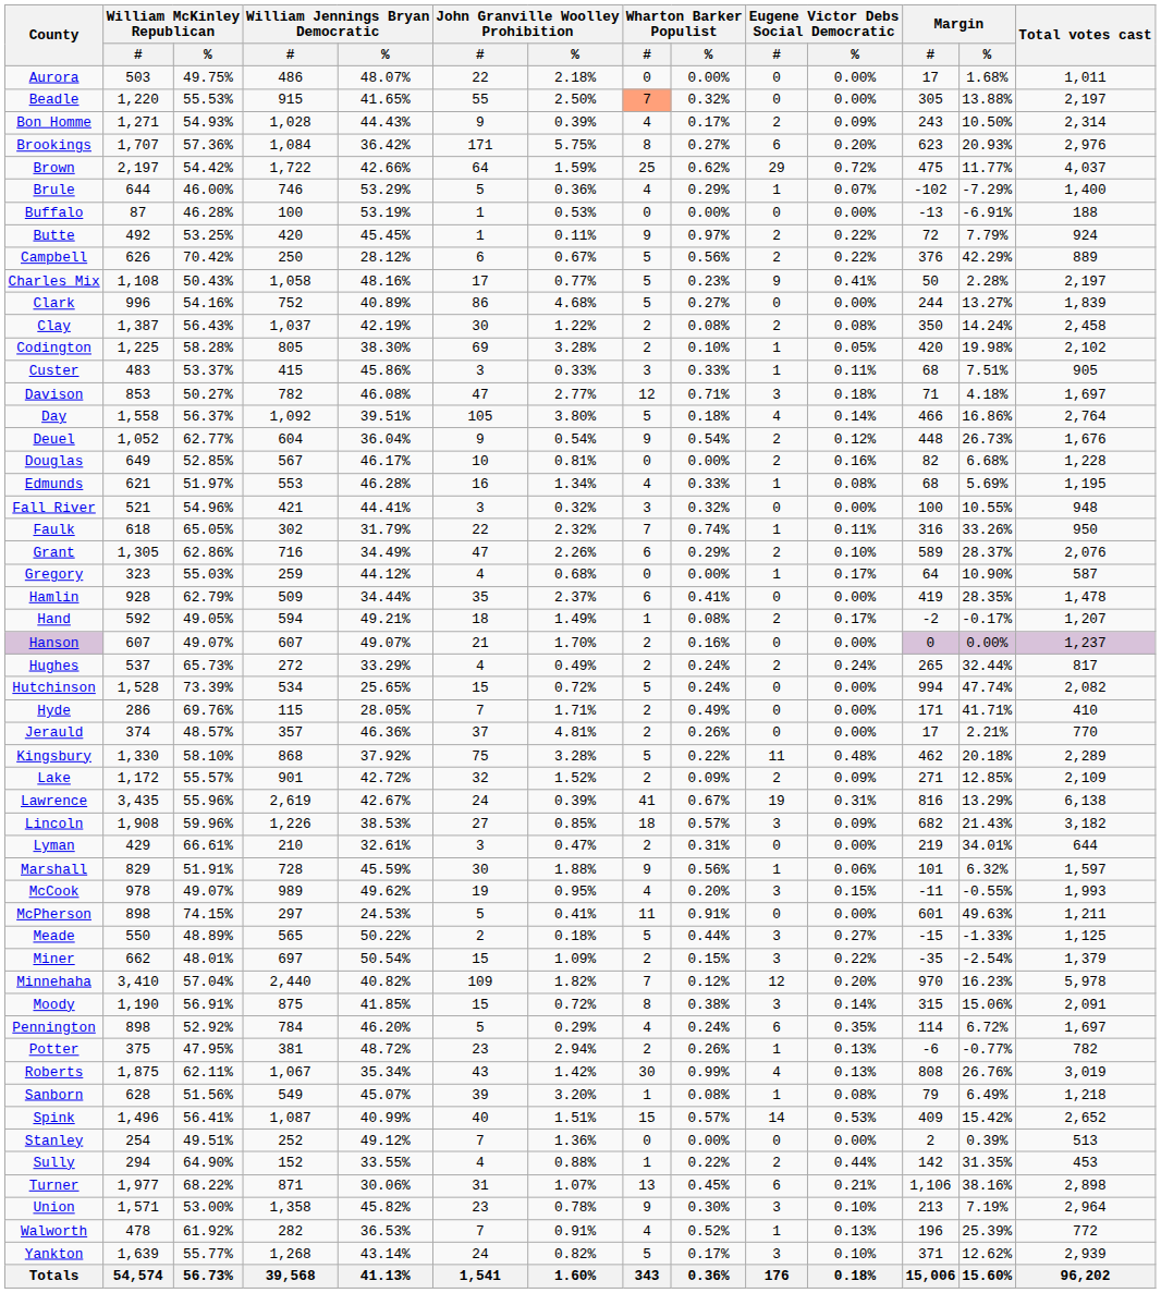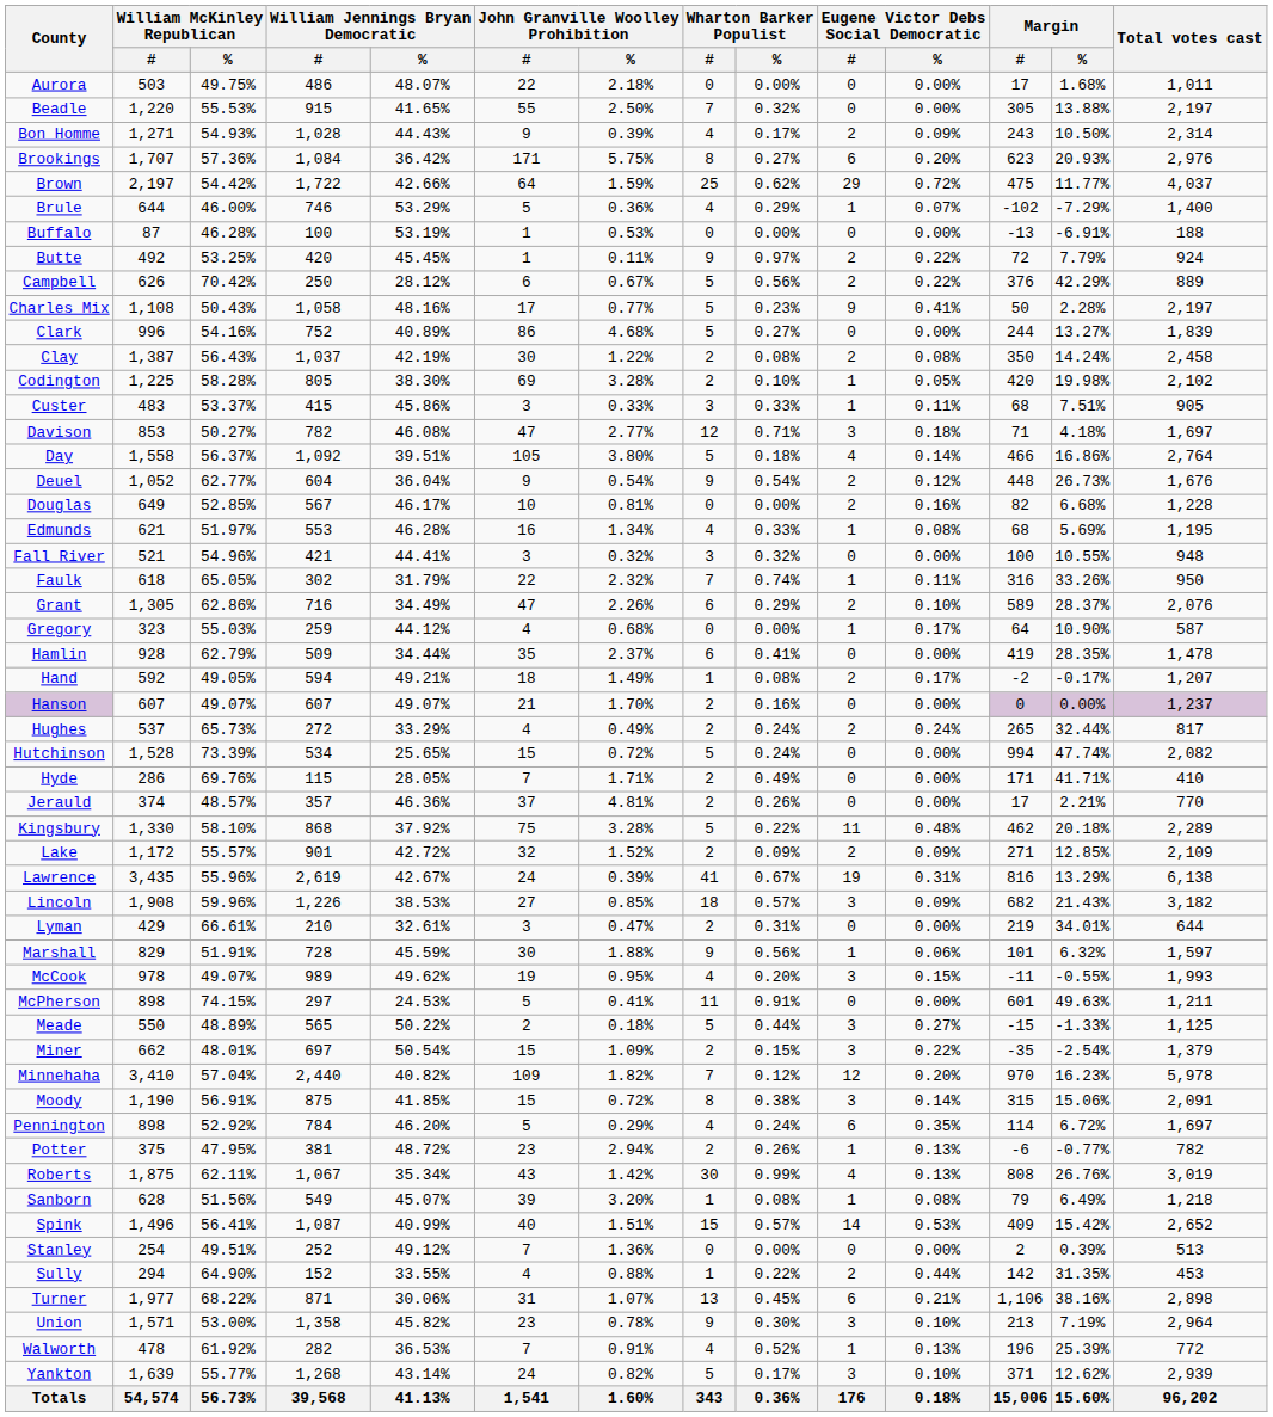 <table class="wikitable sortable">
 <tr>
 <th rowspan="2">County</th>
 <th colspan="2">William McKinley<br>Republican</th>
 <th colspan="2">William Jennings Bryan<br>Democratic</th>
 <th colspan="2">John Granville Woolley<br>Prohibition</th>
 <th colspan="2">Wharton Barker<br>Populist</th>
 <th colspan="2">Eugene Victor Debs<br>Social Democratic</th>
 <th colspan="2">Margin</th>
 <th rowspan="2">Total votes cast</th>
 </tr>
 <tr bgcolor="lightgrey">
 <th data-sort-type="number">#</th>
 <th data-sort-type="number">%</th>
 <th data-sort-type="number">#</th>
 <th data-sort-type="number">%</th>
 <th data-sort-type="number">#</th>
 <th data-sort-type="number">%</th>
 <th data-sort-type="number">#</th>
 <th data-sort-type="number">%</th>
 <th data-sort-type="number">#</th>
 <th data-sort-type="number">%</th>
 <th data-sort-type="number">#</th>
 <th data-sort-type="number">%</th>
 </tr>
 <tr style="text-align:center;">
 <td><a href='#'>Aurora</a></td>
 <td>503</td>
 <td>49.75%</td>
 <td>486</td>
 <td>48.07%</td>
 <td>22</td>
 <td>2.18%</td>
 <td>0</td>
 <td>0.00%</td>
 <td>0</td>
 <td>0.00%</td>
 <td>17</td>
 <td>1.68%</td>
 <td>1,011</td>
 </tr>
 <tr style="text-align:center;">
 <td><a href='#'>Beadle</a></td>
 <td>1,220</td>
 <td>55.53%</td>
 <td>915</td>
 <td>41.65%</td>
 <td>55</td>
 <td>2.50%</td>
-<td style="background: lightsalmon;">7</td>
+<td>7</td>
 <td>0.32%</td>
 <td>0</td>
 <td>0.00%</td>
 <td>305</td>
 <td>13.88%</td>
 <td>2,197</td>
 </tr>
 <tr style="text-align:center;">
 <td><a href='#'>Bon Homme</a></td>
 <td>1,271</td>
 <td>54.93%</td>
 <td>1,028</td>
 <td>44.43%</td>
 <td>9</td>
 <td>0.39%</td>
 <td>4</td>
 <td>0.17%</td>
 <td>2</td>
 <td>0.09%</td>
 <td>243</td>
 <td>10.50%</td>
 <td>2,314</td>
 </tr>
 <tr style="text-align:center;">
 <td><a href='#'>Brookings</a></td>
 <td>1,707</td>
 <td>57.36%</td>
 <td>1,084</td>
 <td>36.42%</td>
 <td>171</td>
 <td>5.75%</td>
 <td>8</td>
 <td>0.27%</td>
 <td>6</td>
 <td>0.20%</td>
 <td>623</td>
 <td>20.93%</td>
 <td>2,976</td>
 </tr>
 <tr style="text-align:center;">
 <td><a href='#'>Brown</a></td>
 <td>2,197</td>
 <td>54.42%</td>
 <td>1,722</td>
 <td>42.66%</td>
 <td>64</td>
 <td>1.59%</td>
 <td>25</td>
 <td>0.62%</td>
 <td>29</td>
 <td>0.72%</td>
 <td>475</td>
 <td>11.77%</td>
 <td>4,037</td>
 </tr>
 <tr style="text-align:center;">
 <td><a href='#'>Brule</a></td>
 <td>644</td>
 <td>46.00%</td>
 <td>746</td>
 <td>53.29%</td>
 <td>5</td>
 <td>0.36%</td>
 <td>4</td>
 <td>0.29%</td>
 <td>1</td>
 <td>0.07%</td>
 <td>-102</td>
 <td>-7.29%</td>
 <td>1,400</td>
 </tr>
 <tr style="text-align:center;">
 <td><a href='#'>Buffalo</a></td>
 <td>87</td>
 <td>46.28%</td>
 <td>100</td>
 <td>53.19%</td>
 <td>1</td>
 <td>0.53%</td>
 <td>0</td>
 <td>0.00%</td>
 <td>0</td>
 <td>0.00%</td>
 <td>-13</td>
 <td>-6.91%</td>
 <td>188</td>
 </tr>
 <tr style="text-align:center;">
 <td><a href='#'>Butte</a></td>
 <td>492</td>
 <td>53.25%</td>
 <td>420</td>
 <td>45.45%</td>
 <td>1</td>
 <td>0.11%</td>
 <td>9</td>
 <td>0.97%</td>
 <td>2</td>
 <td>0.22%</td>
 <td>72</td>
 <td>7.79%</td>
 <td>924</td>
 </tr>
 <tr style="text-align:center;">
 <td><a href='#'>Campbell</a></td>
 <td>626</td>
 <td>70.42%</td>
 <td>250</td>
 <td>28.12%</td>
 <td>6</td>
 <td>0.67%</td>
 <td>5</td>
 <td>0.56%</td>
 <td>2</td>
 <td>0.22%</td>
 <td>376</td>
 <td>42.29%</td>
 <td>889</td>
 </tr>
 <tr style="text-align:center;">
 <td><a href='#'>Charles Mix</a></td>
 <td>1,108</td>
 <td>50.43%</td>
 <td>1,058</td>
 <td>48.16%</td>
 <td>17</td>
 <td>0.77%</td>
 <td>5</td>
 <td>0.23%</td>
 <td>9</td>
 <td>0.41%</td>
 <td>50</td>
 <td>2.28%</td>
 <td>2,197</td>
 </tr>
 <tr style="text-align:center;">
 <td><a href='#'>Clark</a></td>
 <td>996</td>
 <td>54.16%</td>
 <td>752</td>
 <td>40.89%</td>
 <td>86</td>
 <td>4.68%</td>
 <td>5</td>
 <td>0.27%</td>
 <td>0</td>
 <td>0.00%</td>
 <td>244</td>
 <td>13.27%</td>
 <td>1,839</td>
 </tr>
 <tr style="text-align:center;">
 <td><a href='#'>Clay</a></td>
 <td>1,387</td>
 <td>56.43%</td>
 <td>1,037</td>
 <td>42.19%</td>
 <td>30</td>
 <td>1.22%</td>
 <td>2</td>
 <td>0.08%</td>
 <td>2</td>
 <td>0.08%</td>
 <td>350</td>
 <td>14.24%</td>
 <td>2,458</td>
 </tr>
 <tr style="text-align:center;">
 <td><a href='#'>Codington</a></td>
 <td>1,225</td>
 <td>58.28%</td>
 <td>805</td>
 <td>38.30%</td>
 <td>69</td>
 <td>3.28%</td>
 <td>2</td>
 <td>0.10%</td>
 <td>1</td>
 <td>0.05%</td>
 <td>420</td>
 <td>19.98%</td>
 <td>2,102</td>
 </tr>
 <tr style="text-align:center;">
 <td><a href='#'>Custer</a></td>
 <td>483</td>
 <td>53.37%</td>
 <td>415</td>
 <td>45.86%</td>
 <td>3</td>
 <td>0.33%</td>
 <td>3</td>
 <td>0.33%</td>
 <td>1</td>
 <td>0.11%</td>
 <td>68</td>
 <td>7.51%</td>
 <td>905</td>
 </tr>
 <tr style="text-align:center;">
 <td><a href='#'>Davison</a></td>
 <td>853</td>
 <td>50.27%</td>
 <td>782</td>
 <td>46.08%</td>
 <td>47</td>
 <td>2.77%</td>
 <td>12</td>
 <td>0.71%</td>
 <td>3</td>
 <td>0.18%</td>
 <td>71</td>
 <td>4.18%</td>
 <td>1,697</td>
 </tr>
 <tr style="text-align:center;">
 <td><a href='#'>Day</a></td>
 <td>1,558</td>
 <td>56.37%</td>
 <td>1,092</td>
 <td>39.51%</td>
 <td>105</td>
 <td>3.80%</td>
 <td>5</td>
 <td>0.18%</td>
 <td>4</td>
 <td>0.14%</td>
 <td>466</td>
 <td>16.86%</td>
 <td>2,764</td>
 </tr>
 <tr style="text-align:center;">
 <td><a href='#'>Deuel</a></td>
 <td>1,052</td>
 <td>62.77%</td>
 <td>604</td>
 <td>36.04%</td>
 <td>9</td>
 <td>0.54%</td>
 <td>9</td>
 <td>0.54%</td>
 <td>2</td>
 <td>0.12%</td>
 <td>448</td>
 <td>26.73%</td>
 <td>1,676</td>
 </tr>
 <tr style="text-align:center;">
 <td><a href='#'>Douglas</a></td>
 <td>649</td>
 <td>52.85%</td>
 <td>567</td>
 <td>46.17%</td>
 <td>10</td>
 <td>0.81%</td>
 <td>0</td>
 <td>0.00%</td>
 <td>2</td>
 <td>0.16%</td>
 <td>82</td>
 <td>6.68%</td>
 <td>1,228</td>
 </tr>
 <tr style="text-align:center;">
 <td><a href='#'>Edmunds</a></td>
 <td>621</td>
 <td>51.97%</td>
 <td>553</td>
 <td>46.28%</td>
 <td>16</td>
 <td>1.34%</td>
 <td>4</td>
 <td>0.33%</td>
 <td>1</td>
 <td>0.08%</td>
 <td>68</td>
 <td>5.69%</td>
 <td>1,195</td>
 </tr>
 <tr style="text-align:center;">
 <td><a href='#'>Fall River</a></td>
 <td>521</td>
 <td>54.96%</td>
 <td>421</td>
 <td>44.41%</td>
 <td>3</td>
 <td>0.32%</td>
 <td>3</td>
 <td>0.32%</td>
 <td>0</td>
 <td>0.00%</td>
 <td>100</td>
 <td>10.55%</td>
 <td>948</td>
 </tr>
 <tr style="text-align:center;">
 <td><a href='#'>Faulk</a></td>
 <td>618</td>
 <td>65.05%</td>
 <td>302</td>
 <td>31.79%</td>
 <td>22</td>
 <td>2.32%</td>
 <td>7</td>
 <td>0.74%</td>
 <td>1</td>
 <td>0.11%</td>
 <td>316</td>
 <td>33.26%</td>
 <td>950</td>
 </tr>
 <tr style="text-align:center;">
 <td><a href='#'>Grant</a></td>
 <td>1,305</td>
 <td>62.86%</td>
 <td>716</td>
 <td>34.49%</td>
 <td>47</td>
 <td>2.26%</td>
 <td>6</td>
 <td>0.29%</td>
 <td>2</td>
 <td>0.10%</td>
 <td>589</td>
 <td>28.37%</td>
 <td>2,076</td>
 </tr>
 <tr style="text-align:center;">
 <td><a href='#'>Gregory</a></td>
 <td>323</td>
 <td>55.03%</td>
 <td>259</td>
 <td>44.12%</td>
 <td>4</td>
 <td>0.68%</td>
 <td>0</td>
 <td>0.00%</td>
 <td>1</td>
 <td>0.17%</td>
 <td>64</td>
 <td>10.90%</td>
 <td>587</td>
 </tr>
 <tr style="text-align:center;">
 <td><a href='#'>Hamlin</a></td>
 <td>928</td>
 <td>62.79%</td>
 <td>509</td>
 <td>34.44%</td>
 <td>35</td>
 <td>2.37%</td>
 <td>6</td>
 <td>0.41%</td>
 <td>0</td>
 <td>0.00%</td>
 <td>419</td>
 <td>28.35%</td>
 <td>1,478</td>
 </tr>
 <tr style="text-align:center;">
 <td><a href='#'>Hand</a></td>
 <td>592</td>
 <td>49.05%</td>
 <td>594</td>
 <td>49.21%</td>
 <td>18</td>
 <td>1.49%</td>
 <td>1</td>
 <td>0.08%</td>
 <td>2</td>
 <td>0.17%</td>
 <td>-2</td>
 <td>-0.17%</td>
 <td>1,207</td>
 </tr>
 <tr style="text-align:center;">
 <td style="background:#d8c2da"><a href='#'>Hanson</a></td>
 <td>607</td>
 <td>49.07%</td>
 <td>607</td>
 <td>49.07%</td>
 <td>21</td>
 <td>1.70%</td>
 <td>2</td>
 <td>0.16%</td>
 <td>0</td>
 <td>0.00%</td>
 <td style="background:#d8c2da">0</td>
 <td style="background:#d8c2da">0.00%</td>
 <td style="background:#d8c2da">1,237</td>
 </tr>
 <tr style="text-align:center;">
 <td><a href='#'>Hughes</a></td>
 <td>537</td>
 <td>65.73%</td>
 <td>272</td>
 <td>33.29%</td>
 <td>4</td>
 <td>0.49%</td>
 <td>2</td>
 <td>0.24%</td>
 <td>2</td>
 <td>0.24%</td>
 <td>265</td>
 <td>32.44%</td>
 <td>817</td>
 </tr>
 <tr style="text-align:center;">
 <td><a href='#'>Hutchinson</a></td>
 <td>1,528</td>
 <td>73.39%</td>
 <td>534</td>
 <td>25.65%</td>
 <td>15</td>
 <td>0.72%</td>
 <td>5</td>
 <td>0.24%</td>
 <td>0</td>
 <td>0.00%</td>
 <td>994</td>
 <td>47.74%</td>
 <td>2,082</td>
 </tr>
 <tr style="text-align:center;">
 <td><a href='#'>Hyde</a></td>
 <td>286</td>
 <td>69.76%</td>
 <td>115</td>
 <td>28.05%</td>
 <td>7</td>
 <td>1.71%</td>
 <td>2</td>
 <td>0.49%</td>
 <td>0</td>
 <td>0.00%</td>
 <td>171</td>
 <td>41.71%</td>
 <td>410</td>
 </tr>
 <tr style="text-align:center;">
 <td><a href='#'>Jerauld</a></td>
 <td>374</td>
 <td>48.57%</td>
 <td>357</td>
 <td>46.36%</td>
 <td>37</td>
 <td>4.81%</td>
 <td>2</td>
 <td>0.26%</td>
 <td>0</td>
 <td>0.00%</td>
 <td>17</td>
 <td>2.21%</td>
 <td>770</td>
 </tr>
 <tr style="text-align:center;">
 <td><a href='#'>Kingsbury</a></td>
 <td>1,330</td>
 <td>58.10%</td>
 <td>868</td>
 <td>37.92%</td>
 <td>75</td>
 <td>3.28%</td>
 <td>5</td>
 <td>0.22%</td>
 <td>11</td>
 <td>0.48%</td>
 <td>462</td>
 <td>20.18%</td>
 <td>2,289</td>
 </tr>
 <tr style="text-align:center;">
 <td><a href='#'>Lake</a></td>
 <td>1,172</td>
 <td>55.57%</td>
 <td>901</td>
 <td>42.72%</td>
 <td>32</td>
 <td>1.52%</td>
 <td>2</td>
 <td>0.09%</td>
 <td>2</td>
 <td>0.09%</td>
 <td>271</td>
 <td>12.85%</td>
 <td>2,109</td>
 </tr>
 <tr style="text-align:center;">
 <td><a href='#'>Lawrence</a></td>
 <td>3,435</td>
 <td>55.96%</td>
 <td>2,619</td>
 <td>42.67%</td>
 <td>24</td>
 <td>0.39%</td>
 <td>41</td>
 <td>0.67%</td>
 <td>19</td>
 <td>0.31%</td>
 <td>816</td>
 <td>13.29%</td>
 <td>6,138</td>
 </tr>
 <tr style="text-align:center;">
 <td><a href='#'>Lincoln</a></td>
 <td>1,908</td>
 <td>59.96%</td>
 <td>1,226</td>
 <td>38.53%</td>
 <td>27</td>
 <td>0.85%</td>
 <td>18</td>
 <td>0.57%</td>
 <td>3</td>
 <td>0.09%</td>
 <td>682</td>
 <td>21.43%</td>
 <td>3,182</td>
 </tr>
 <tr style="text-align:center;">
 <td><a href='#'>Lyman</a></td>
 <td>429</td>
 <td>66.61%</td>
 <td>210</td>
 <td>32.61%</td>
 <td>3</td>
 <td>0.47%</td>
 <td>2</td>
 <td>0.31%</td>
 <td>0</td>
 <td>0.00%</td>
 <td>219</td>
 <td>34.01%</td>
 <td>644</td>
 </tr>
 <tr style="text-align:center;">
 <td><a href='#'>Marshall</a></td>
 <td>829</td>
 <td>51.91%</td>
 <td>728</td>
 <td>45.59%</td>
 <td>30</td>
 <td>1.88%</td>
 <td>9</td>
 <td>0.56%</td>
 <td>1</td>
 <td>0.06%</td>
 <td>101</td>
 <td>6.32%</td>
 <td>1,597</td>
 </tr>
 <tr style="text-align:center;">
 <td><a href='#'>McCook</a></td>
 <td>978</td>
 <td>49.07%</td>
 <td>989</td>
 <td>49.62%</td>
 <td>19</td>
 <td>0.95%</td>
 <td>4</td>
 <td>0.20%</td>
 <td>3</td>
 <td>0.15%</td>
 <td>-11</td>
 <td>-0.55%</td>
 <td>1,993</td>
 </tr>
 <tr style="text-align:center;">
 <td><a href='#'>McPherson</a></td>
 <td>898</td>
 <td>74.15%</td>
 <td>297</td>
 <td>24.53%</td>
 <td>5</td>
 <td>0.41%</td>
 <td>11</td>
 <td>0.91%</td>
 <td>0</td>
 <td>0.00%</td>
 <td>601</td>
 <td>49.63%</td>
 <td>1,211</td>
 </tr>
 <tr style="text-align:center;">
 <td><a href='#'>Meade</a></td>
 <td>550</td>
 <td>48.89%</td>
 <td>565</td>
 <td>50.22%</td>
 <td>2</td>
 <td>0.18%</td>
 <td>5</td>
 <td>0.44%</td>
 <td>3</td>
 <td>0.27%</td>
 <td>-15</td>
 <td>-1.33%</td>
 <td>1,125</td>
 </tr>
 <tr style="text-align:center;">
 <td><a href='#'>Miner</a></td>
 <td>662</td>
 <td>48.01%</td>
 <td>697</td>
 <td>50.54%</td>
 <td>15</td>
 <td>1.09%</td>
 <td>2</td>
 <td>0.15%</td>
 <td>3</td>
 <td>0.22%</td>
 <td>-35</td>
 <td>-2.54%</td>
 <td>1,379</td>
 </tr>
 <tr style="text-align:center;">
 <td><a href='#'>Minnehaha</a></td>
 <td>3,410</td>
 <td>57.04%</td>
 <td>2,440</td>
 <td>40.82%</td>
 <td>109</td>
 <td>1.82%</td>
 <td>7</td>
 <td>0.12%</td>
 <td>12</td>
 <td>0.20%</td>
 <td>970</td>
 <td>16.23%</td>
 <td>5,978</td>
 </tr>
 <tr style="text-align:center;">
 <td><a href='#'>Moody</a></td>
 <td>1,190</td>
 <td>56.91%</td>
 <td>875</td>
 <td>41.85%</td>
 <td>15</td>
 <td>0.72%</td>
 <td>8</td>
 <td>0.38%</td>
 <td>3</td>
 <td>0.14%</td>
 <td>315</td>
 <td>15.06%</td>
 <td>2,091</td>
 </tr>
 <tr style="text-align:center;">
 <td><a href='#'>Pennington</a></td>
 <td>898</td>
 <td>52.92%</td>
 <td>784</td>
 <td>46.20%</td>
 <td>5</td>
 <td>0.29%</td>
 <td>4</td>
 <td>0.24%</td>
 <td>6</td>
 <td>0.35%</td>
 <td>114</td>
 <td>6.72%</td>
 <td>1,697</td>
 </tr>
 <tr style="text-align:center;">
 <td><a href='#'>Potter</a></td>
 <td>375</td>
 <td>47.95%</td>
 <td>381</td>
 <td>48.72%</td>
 <td>23</td>
 <td>2.94%</td>
 <td>2</td>
 <td>0.26%</td>
 <td>1</td>
 <td>0.13%</td>
 <td>-6</td>
 <td>-0.77%</td>
 <td>782</td>
 </tr>
 <tr style="text-align:center;">
 <td><a href='#'>Roberts</a></td>
 <td>1,875</td>
 <td>62.11%</td>
 <td>1,067</td>
 <td>35.34%</td>
 <td>43</td>
 <td>1.42%</td>
 <td>30</td>
 <td>0.99%</td>
 <td>4</td>
 <td>0.13%</td>
 <td>808</td>
 <td>26.76%</td>
 <td>3,019</td>
 </tr>
 <tr style="text-align:center;">
 <td><a href='#'>Sanborn</a></td>
 <td>628</td>
 <td>51.56%</td>
 <td>549</td>
 <td>45.07%</td>
 <td>39</td>
 <td>3.20%</td>
 <td>1</td>
 <td>0.08%</td>
 <td>1</td>
 <td>0.08%</td>
 <td>79</td>
 <td>6.49%</td>
 <td>1,218</td>
 </tr>
 <tr style="text-align:center;">
 <td><a href='#'>Spink</a></td>
 <td>1,496</td>
 <td>56.41%</td>
 <td>1,087</td>
 <td>40.99%</td>
 <td>40</td>
 <td>1.51%</td>
 <td>15</td>
 <td>0.57%</td>
 <td>14</td>
 <td>0.53%</td>
 <td>409</td>
 <td>15.42%</td>
 <td>2,652</td>
 </tr>
 <tr style="text-align:center;">
 <td><a href='#'>Stanley</a></td>
 <td>254</td>
 <td>49.51%</td>
 <td>252</td>
 <td>49.12%</td>
 <td>7</td>
 <td>1.36%</td>
 <td>0</td>
 <td>0.00%</td>
 <td>0</td>
 <td>0.00%</td>
 <td>2</td>
 <td>0.39%</td>
 <td>513</td>
 </tr>
 <tr style="text-align:center;">
 <td><a href='#'>Sully</a></td>
 <td>294</td>
 <td>64.90%</td>
 <td>152</td>
 <td>33.55%</td>
 <td>4</td>
 <td>0.88%</td>
 <td>1</td>
 <td>0.22%</td>
 <td>2</td>
 <td>0.44%</td>
 <td>142</td>
 <td>31.35%</td>
 <td>453</td>
 </tr>
 <tr style="text-align:center;">
 <td><a href='#'>Turner</a></td>
 <td>1,977</td>
 <td>68.22%</td>
 <td>871</td>
 <td>30.06%</td>
 <td>31</td>
 <td>1.07%</td>
 <td>13</td>
 <td>0.45%</td>
 <td>6</td>
 <td>0.21%</td>
 <td>1,106</td>
 <td>38.16%</td>
 <td>2,898</td>
 </tr>
 <tr style="text-align:center;">
 <td><a href='#'>Union</a></td>
 <td>1,571</td>
 <td>53.00%</td>
 <td>1,358</td>
 <td>45.82%</td>
 <td>23</td>
 <td>0.78%</td>
 <td>9</td>
 <td>0.30%</td>
 <td>3</td>
 <td>0.10%</td>
 <td>213</td>
 <td>7.19%</td>
 <td>2,964</td>
 </tr>
 <tr style="text-align:center;">
 <td><a href='#'>Walworth</a></td>
 <td>478</td>
 <td>61.92%</td>
 <td>282</td>
 <td>36.53%</td>
 <td>7</td>
 <td>0.91%</td>
 <td>4</td>
 <td>0.52%</td>
 <td>1</td>
 <td>0.13%</td>
 <td>196</td>
 <td>25.39%</td>
 <td>772</td>
 </tr>
 <tr style="text-align:center;">
 <td><a href='#'>Yankton</a></td>
 <td>1,639</td>
 <td>55.77%</td>
 <td>1,268</td>
 <td>43.14%</td>
 <td>24</td>
 <td>0.82%</td>
 <td>5</td>
 <td>0.17%</td>
 <td>3</td>
 <td>0.10%</td>
 <td>371</td>
 <td>12.62%</td>
 <td>2,939</td>
 </tr>
 <tr style="text-align:center;">
 <th>Totals</th>
 <th>54,574</th>
 <th>56.73%</th>
 <th>39,568</th>
 <th>41.13%</th>
 <th>1,541</th>
 <th>1.60%</th>
 <th>343</th>
 <th>0.36%</th>
 <th>176</th>
 <th>0.18%</th>
 <th>15,006</th>
 <th>15.60%</th>
 <th>96,202</th>
 </tr>
 </table>
